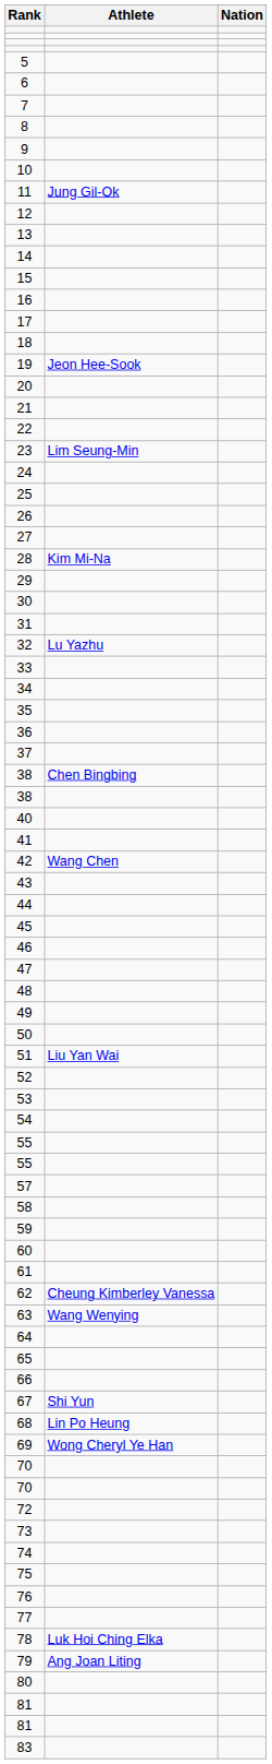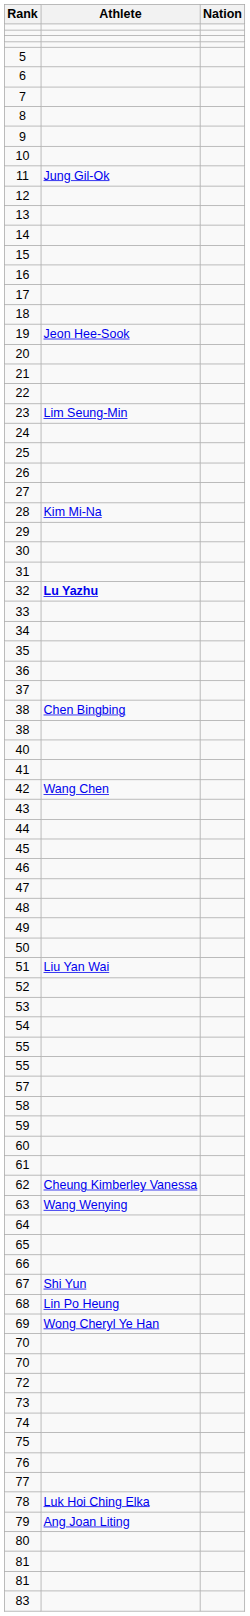 <table class="wikitable sortable" style="text-align:left">
 <tr>
 <th>Rank</th>
 <th>Athlete</th>
 <th>Nation</th>
 </tr>
 <tr>
 <td align="center"></td>
 <td></td>
 <td></td>
 </tr>
 <tr>
 <td align="center"></td>
 <td></td>
 <td></td>
 </tr>
 <tr>
 <td align="center"></td>
 <td></td>
 <td></td>
 </tr>
 <tr>
 <td align="center"></td>
 <td></td>
 <td></td>
 </tr>
 <tr>
 <td align="center">5</td>
 <td></td>
 <td></td>
 </tr>
 <tr>
 <td align="center">6</td>
 <td></td>
 <td></td>
 </tr>
 <tr>
 <td align="center">7</td>
 <td></td>
 <td></td>
 </tr>
 <tr>
 <td align="center">8</td>
 <td></td>
 <td></td>
 </tr>
 <tr>
 <td align="center">9</td>
 <td></td>
 <td></td>
 </tr>
 <tr>
 <td align="center">10</td>
 <td></td>
 <td></td>
 </tr>
 <tr>
 <td align="center">11</td>
 <td><a href='#'>Jung Gil-Ok</a></td>
 <td></td>
 </tr>
 <tr>
 <td align="center">12</td>
 <td></td>
 <td></td>
 </tr>
 <tr>
 <td align="center">13</td>
 <td></td>
 <td></td>
 </tr>
 <tr>
 <td align="center">14</td>
 <td></td>
 <td></td>
 </tr>
 <tr>
 <td align="center">15</td>
 <td></td>
 <td></td>
 </tr>
 <tr>
 <td align="center">16</td>
 <td></td>
 <td></td>
 </tr>
 <tr>
 <td align="center">17</td>
 <td></td>
 <td></td>
 </tr>
 <tr>
 <td align="center">18</td>
 <td></td>
 <td></td>
 </tr>
 <tr>
 <td align="center">19</td>
 <td><a href='#'>Jeon Hee-Sook</a></td>
 <td></td>
 </tr>
 <tr>
 <td align="center">20</td>
 <td></td>
 <td></td>
 </tr>
 <tr>
 <td align="center">21</td>
 <td></td>
 <td></td>
 </tr>
 <tr>
 <td align="center">22</td>
 <td></td>
 <td></td>
 </tr>
 <tr>
 <td align="center">23</td>
 <td><a href='#'>Lim Seung-Min</a></td>
 <td></td>
 </tr>
 <tr>
 <td align="center">24</td>
 <td></td>
 <td></td>
 </tr>
 <tr>
 <td align="center">25</td>
 <td></td>
 <td></td>
 </tr>
 <tr>
 <td align="center">26</td>
 <td></td>
 <td></td>
 </tr>
 <tr>
 <td align="center">27</td>
 <td></td>
 <td></td>
 </tr>
 <tr>
 <td align="center">28</td>
 <td><a href='#'>Kim Mi-Na</a></td>
 <td></td>
 </tr>
 <tr>
 <td align="center">29</td>
 <td></td>
 <td></td>
 </tr>
 <tr>
 <td align="center">30</td>
 <td></td>
 <td></td>
 </tr>
 <tr>
 <td align="center">31</td>
 <td></td>
 <td></td>
 </tr>
 <tr>
 <td align="center">32</td>
-<td><a href='#'>Lu Yazhu</a></td>
+<td><strong><a href='#'>Lu Yazhu</a></strong></td>
 <td></td>
 </tr>
 <tr>
 <td align="center">33</td>
 <td></td>
 <td></td>
 </tr>
 <tr>
 <td align="center">34</td>
 <td></td>
 <td></td>
 </tr>
 <tr>
 <td align="center">35</td>
 <td></td>
 <td></td>
 </tr>
 <tr>
 <td align="center">36</td>
 <td></td>
 <td></td>
 </tr>
 <tr>
 <td align="center">37</td>
 <td></td>
 <td></td>
 </tr>
 <tr>
 <td align="center">38</td>
 <td><a href='#'>Chen Bingbing</a></td>
 <td></td>
 </tr>
 <tr>
 <td align="center">38</td>
 <td></td>
 <td></td>
 </tr>
 <tr>
 <td align="center">40</td>
 <td></td>
 <td></td>
 </tr>
 <tr>
 <td align="center">41</td>
 <td></td>
 <td></td>
 </tr>
 <tr>
 <td align="center">42</td>
 <td><a href='#'>Wang Chen</a></td>
 <td></td>
 </tr>
 <tr>
 <td align="center">43</td>
 <td></td>
 <td></td>
 </tr>
 <tr>
 <td align="center">44</td>
 <td></td>
 <td></td>
 </tr>
 <tr>
 <td align="center">45</td>
 <td></td>
 <td></td>
 </tr>
 <tr>
 <td align="center">46</td>
 <td></td>
 <td></td>
 </tr>
 <tr>
 <td align="center">47</td>
 <td></td>
 <td></td>
 </tr>
 <tr>
 <td align="center">48</td>
 <td></td>
 <td></td>
 </tr>
 <tr>
 <td align="center">49</td>
 <td></td>
 <td></td>
 </tr>
 <tr>
 <td align="center">50</td>
 <td></td>
 <td></td>
 </tr>
 <tr>
 <td align="center">51</td>
 <td><a href='#'>Liu Yan Wai</a></td>
 <td></td>
 </tr>
 <tr>
 <td align="center">52</td>
 <td></td>
 <td></td>
 </tr>
 <tr>
 <td align="center">53</td>
 <td></td>
 <td></td>
 </tr>
 <tr>
 <td align="center">54</td>
 <td></td>
 <td></td>
 </tr>
 <tr>
 <td align="center">55</td>
 <td></td>
 <td></td>
 </tr>
 <tr>
 <td align="center">55</td>
 <td></td>
 <td></td>
 </tr>
 <tr>
 <td align="center">57</td>
 <td></td>
 <td></td>
 </tr>
 <tr>
 <td align="center">58</td>
 <td></td>
 <td></td>
 </tr>
 <tr>
 <td align="center">59</td>
 <td></td>
 <td></td>
 </tr>
 <tr>
 <td align="center">60</td>
 <td></td>
 <td></td>
 </tr>
 <tr>
 <td align="center">61</td>
 <td></td>
 <td></td>
 </tr>
 <tr>
 <td align="center">62</td>
 <td><a href='#'>Cheung Kimberley Vanessa</a></td>
 <td></td>
 </tr>
 <tr>
 <td align="center">63</td>
 <td><a href='#'>Wang Wenying</a></td>
 <td></td>
 </tr>
 <tr>
 <td align="center">64</td>
 <td></td>
 <td></td>
 </tr>
 <tr>
 <td align="center">65</td>
 <td></td>
 <td></td>
 </tr>
 <tr>
 <td align="center">66</td>
 <td></td>
 <td></td>
 </tr>
 <tr>
 <td align="center">67</td>
 <td><a href='#'>Shi Yun</a></td>
 <td></td>
 </tr>
 <tr>
 <td align="center">68</td>
 <td><a href='#'>Lin Po Heung</a></td>
 <td></td>
 </tr>
 <tr>
 <td align="center">69</td>
 <td><a href='#'>Wong Cheryl Ye Han</a></td>
 <td></td>
 </tr>
 <tr>
 <td align="center">70</td>
 <td></td>
 <td></td>
 </tr>
 <tr>
 <td align="center">70</td>
 <td></td>
 <td></td>
 </tr>
 <tr>
 <td align="center">72</td>
 <td></td>
 <td></td>
 </tr>
 <tr>
 <td align="center">73</td>
 <td></td>
 <td></td>
 </tr>
 <tr>
 <td align="center">74</td>
 <td></td>
 <td></td>
 </tr>
 <tr>
 <td align="center">75</td>
 <td></td>
 <td></td>
 </tr>
 <tr>
 <td align="center">76</td>
 <td></td>
 <td></td>
 </tr>
 <tr>
 <td align="center">77</td>
 <td></td>
 <td></td>
 </tr>
 <tr>
 <td align="center">78</td>
 <td><a href='#'>Luk Hoi Ching Elka</a></td>
 <td></td>
 </tr>
 <tr>
 <td align="center">79</td>
 <td><a href='#'>Ang Joan Liting</a></td>
 <td></td>
 </tr>
 <tr>
 <td align="center">80</td>
 <td></td>
 <td></td>
 </tr>
 <tr>
 <td align="center">81</td>
 <td></td>
 <td></td>
 </tr>
 <tr>
 <td align="center">81</td>
 <td></td>
 <td></td>
 </tr>
 <tr>
 <td align="center">83</td>
 <td></td>
 <td></td>
 </tr>
 </table>
